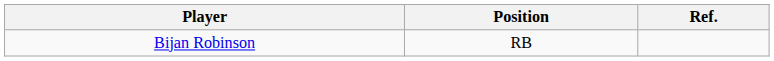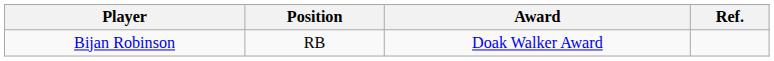 <table class="wikitable" style="width: 60%;text-align: center;">
 <tr>
 <th>Player</th>
 <th>Position</th>
+<th>Award</th>
 <th>Ref.</th>
 </tr>
 <tr align="center">
 <td><a href='#'>Bijan Robinson</a></td>
 <td>RB</td>
+<td><a href='#'>Doak Walker Award</a></td>
 <td></td>
 </tr>
 </table>
